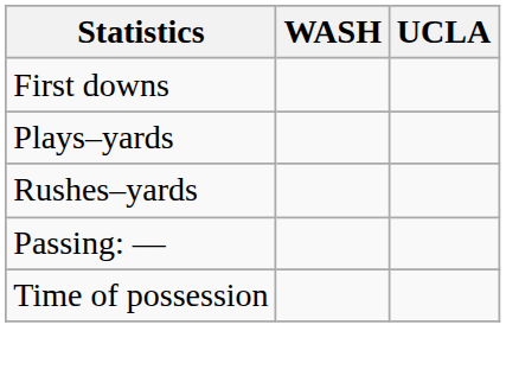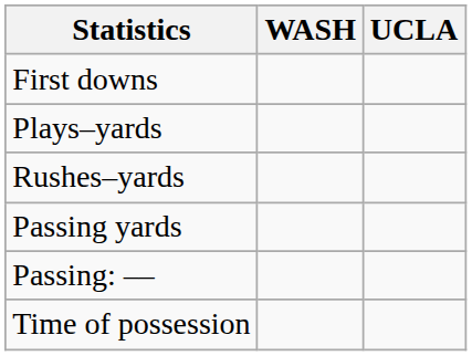 <table class="wikitable" style="float:left">
 <tr>
 <th>Statistics</th>
 <th>WASH</th>
 <th>UCLA</th>
 </tr>
 <tr>
 <td>First downs</td>
 <td></td>
 <td></td>
 </tr>
 <tr>
 <td>Plays–yards</td>
 <td></td>
 <td></td>
 </tr>
 <tr>
 <td>Rushes–yards</td>
 <td></td>
 <td></td>
 </tr>
 <tr>
+<td>Passing yards</td>
+<td></td>
+<td></td>
+</tr>
+<tr>
 <td>Passing: ––</td>
 <td></td>
 <td></td>
 </tr>
 <tr>
 <td>Time of possession</td>
 <td></td>
 <td></td>
 </tr>
 </table>
